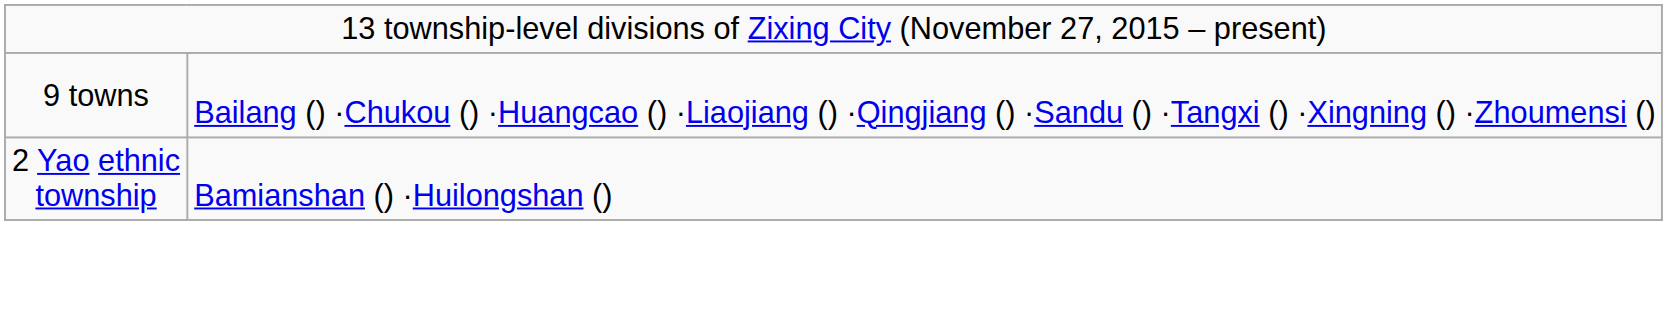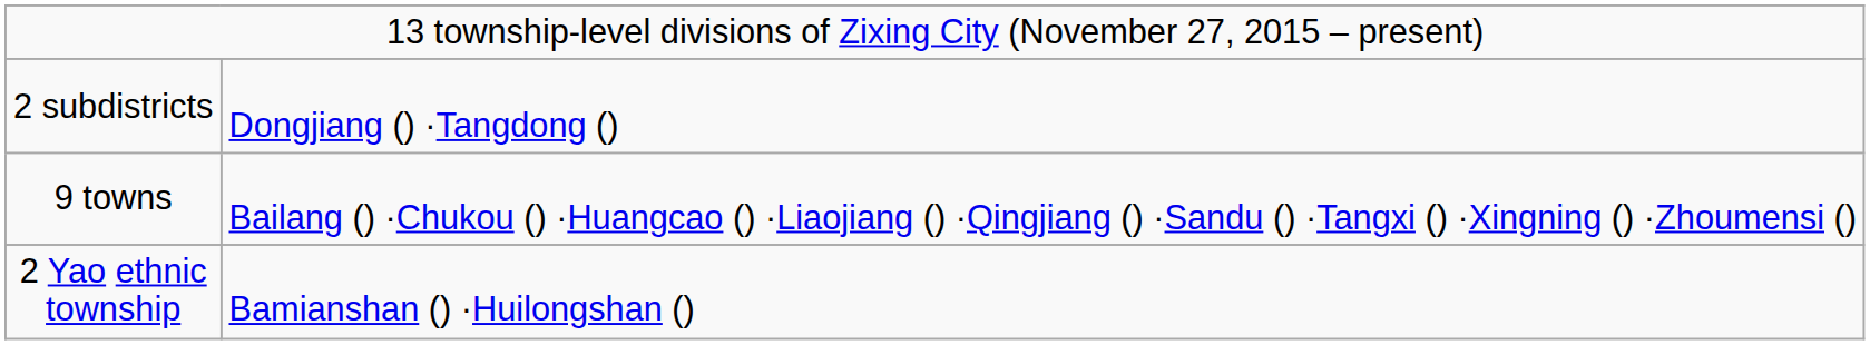 <table class="wikitable">
 <tr>
 <td style="text-align:center;" colspan="2">13 township-level divisions of <a href='#'>Zixing City</a> (November 27, 2015 – present)</td>
+</tr>
+<tr align=left>
+<td align=center>2 subdistricts</td>
+<td><br><a href='#'>Dongjiang</a> () ·<a href='#'>Tangdong</a> ()</td>
 </tr>
 <tr align=left>
 <td align=center>9 towns</td>
 <td><br><a href='#'>Bailang</a> () ·<a href='#'>Chukou</a> () ·<a href='#'>Huangcao</a> () ·<a href='#'>Liaojiang</a> () ·<a href='#'>Qingjiang</a> () ·<a href='#'>Sandu</a> () ·<a href='#'>Tangxi</a> () ·<a href='#'>Xingning</a> () ·<a href='#'>Zhoumensi</a> ()</td>
 </tr>
 <tr align=left>
 <td align=center>2 <a href='#'>Yao</a> <a href='#'>ethnic<br>township</a></td>
 <td><br><a href='#'>Bamianshan</a> () ·<a href='#'>Huilongshan</a> ()</td>
 </tr>
 </table>
